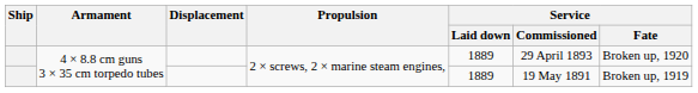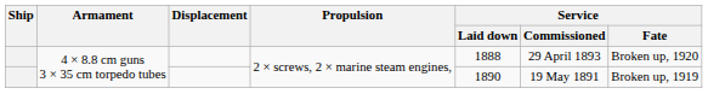 <table class="wikitable plainrowheaders" style="text-align: center;">
 <tr valign="top">
 <th scope="col" rowspan="2">Ship</th>
 <th scope="col" rowspan="2">Armament</th>
 <th scope="col" rowspan="2">Displacement</th>
 <th scope="col" rowspan="2">Propulsion</th>
 <th scope="col" colspan="3">Service</th>
 </tr>
 <tr valign="top">
 <th scope="col">Laid down</th>
 <th scope="col">Commissioned</th>
 <th scope="col">Fate</th>
 </tr>
 <tr valign="center">
 <th scope="row"></th>
 <td rowspan="2">4 × 8.8 cm guns<br>3 × 35 cm torpedo tubes</td>
 <td></td>
 <td rowspan="2">2 × screws, 2 × marine steam engines, </td>
-<td>1889</td>
+<td>1888</td>
 <td>29 April 1893</td>
 <td>Broken up, 1920</td>
 </tr>
 <tr valign="center">
 <th scope="row"></th>
 <td></td>
-<td>1889</td>
+<td>1890</td>
 <td>19 May 1891</td>
 <td>Broken up, 1919</td>
 </tr>
 </table>
